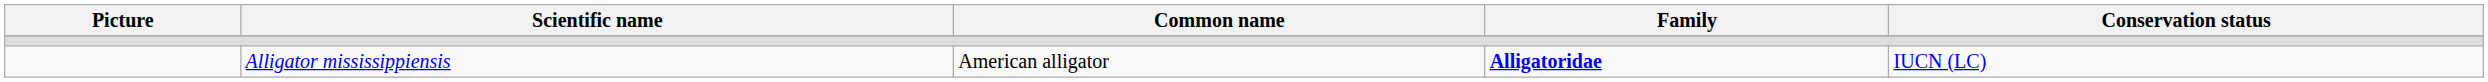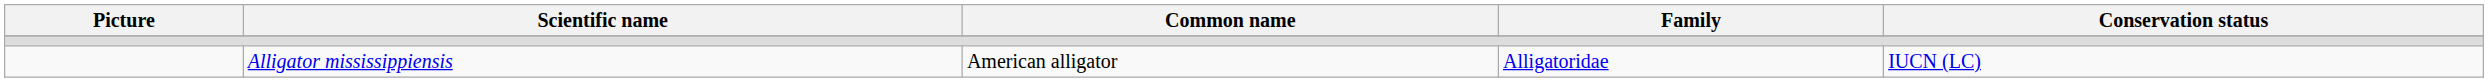 <table class="wikitable sortable mw-collapsible" style="width: 100%;">
 <tr>
 <th class=unsortable>Picture</th>
 <th>Scientific name</th>
 <th>Common name</th>
 <th>Family</th>
 <th>Conservation status</th>
 </tr>
 <tr>
 </tr>
 <tr>
 <th colspan="5"style="background:#dddddd;"></th>
 </tr>
 <tr>
 <td></td>
 <td><em><a href='#'>Alligator mississippiensis</a></em></td>
 <td>American alligator</td>
-<td><strong><a href='#'>Alligatoridae</a></strong></td>
+<td><a href='#'>Alligatoridae</a></td>
 <td><a href='#'>IUCN (LC)</a></td>
 </tr>
 </table>
